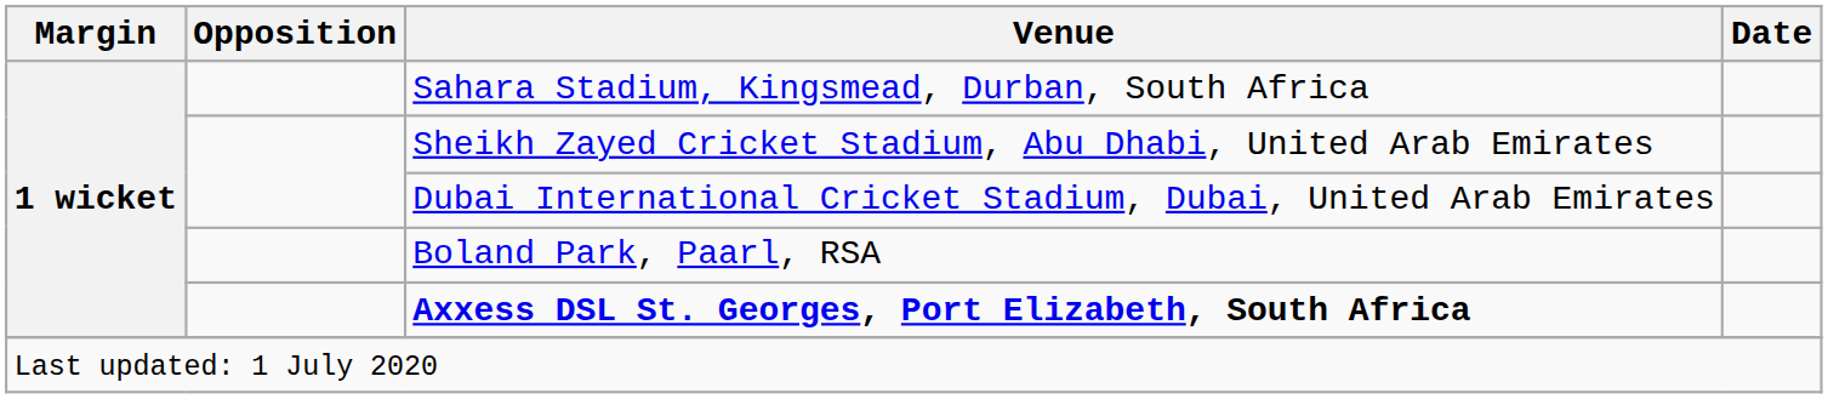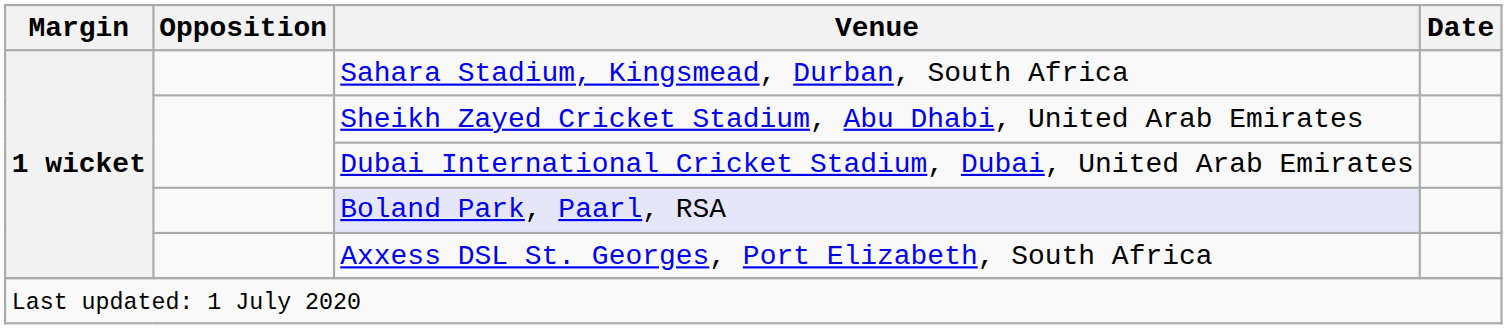 <table class="wikitable plainrowheaders sortable">
 <tr>
 <th scope=col>Margin</th>
 <th scope=col>Opposition</th>
 <th scope=col>Venue</th>
 <th scope=col>Date</th>
 </tr>
 <tr>
 <th scope=row style=text-align:center rowspan=5><strong>1 wicket</strong></th>
 <td></td>
 <td><a href='#'>Sahara Stadium, Kingsmead</a>, <a href='#'>Durban</a>, South Africa</td>
 <td></td>
 </tr>
 <tr>
 <td rowspan=2></td>
 <td><a href='#'>Sheikh Zayed Cricket Stadium</a>, <a href='#'>Abu Dhabi</a>, United Arab Emirates</td>
 <td></td>
 </tr>
 <tr>
 <td><a href='#'>Dubai International Cricket Stadium</a>, <a href='#'>Dubai</a>, United Arab Emirates</td>
 <td></td>
 </tr>
 <tr>
 <td></td>
-<td><a href='#'>Boland Park</a>, <a href='#'>Paarl</a>, RSA</td>
+<td style="background: lavender;"><a href='#'>Boland Park</a>, <a href='#'>Paarl</a>, RSA</td>
 <td></td>
 </tr>
 <tr>
 <td></td>
-<td><strong><a href='#'>Axxess DSL St. Georges</a>, <a href='#'>Port Elizabeth</a>, South Africa</strong></td>
+<td><a href='#'>Axxess DSL St. Georges</a>, <a href='#'>Port Elizabeth</a>, South Africa</td>
 <td></td>
 </tr>
 <tr>
 </tr>
 <tr class=sortbottom>
 <td colspan="4"><small>Last updated: 1 July 2020</small></td>
 </tr>
 </table>
